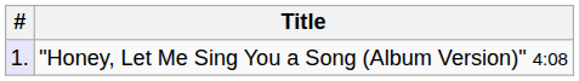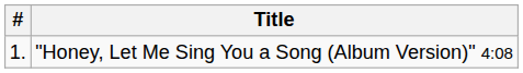 <table class="wikitable">
 <tr>
 <th>#</th>
 <th>Title</th>
 </tr>
 <tr>
-<td style="background: lavender;">1.</td>
+<td>1.</td>
 <td>"Honey, Let Me Sing You a Song (Album Version)" <small>4:08</small></td>
 </tr>
 </table>
